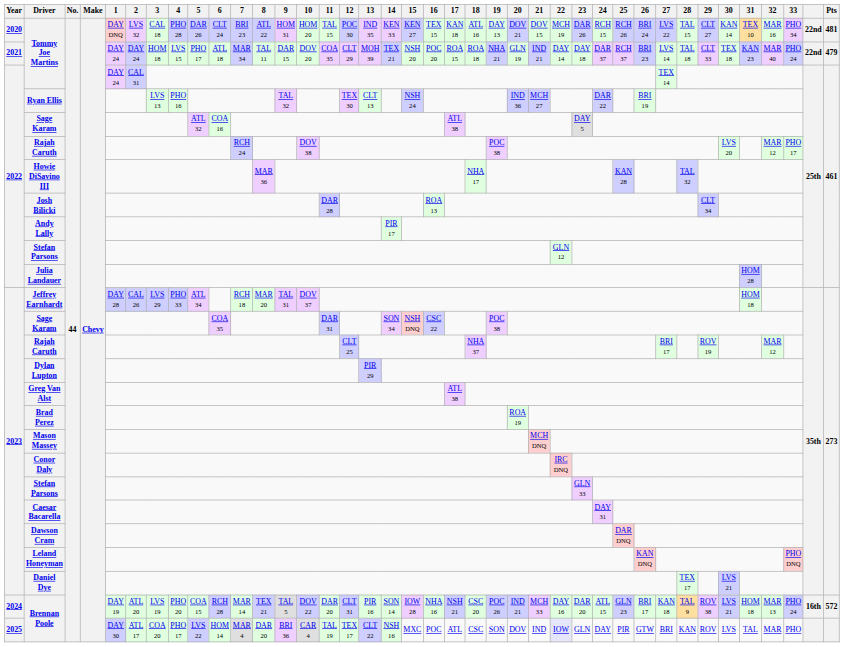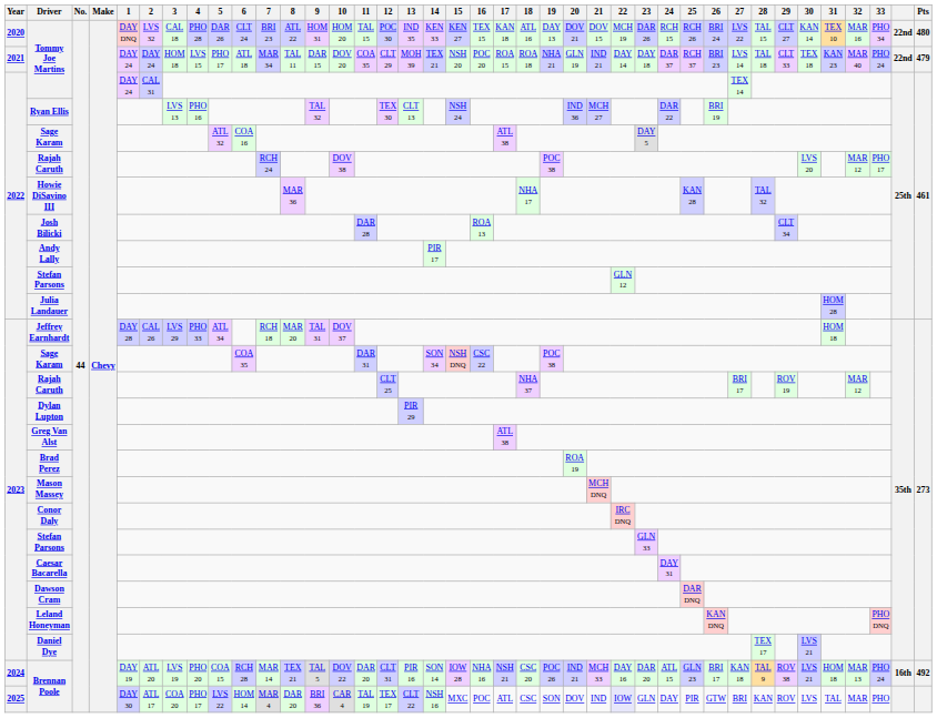 <table class="wikitable" style="text-align:center; font-size:75%">
 <tr>
 <th>Year</th>
 <th>Driver</th>
 <th>No.</th>
 <th>Make</th>
 <th>1</th>
 <th>2</th>
 <th>3</th>
 <th>4</th>
 <th>5</th>
 <th>6</th>
 <th>7</th>
 <th>8</th>
 <th>9</th>
 <th>10</th>
 <th>11</th>
 <th>12</th>
 <th>13</th>
 <th>14</th>
 <th>15</th>
 <th>16</th>
 <th>17</th>
 <th>18</th>
 <th>19</th>
 <th>20</th>
 <th>21</th>
 <th>22</th>
 <th>23</th>
 <th>24</th>
 <th>25</th>
 <th>26</th>
 <th>27</th>
 <th>28</th>
 <th>29</th>
 <th>30</th>
 <th>31</th>
 <th>32</th>
 <th>33</th>
 <th></th>
 <th>Pts</th>
 </tr>
 <tr>
 <th><a href='#'>2020</a></th>
 <th Rowspan=3><a href='#'>Tommy Joe Martins</a></th>
 <th rowspan="26">44</th>
 <th rowspan="26"><a href='#'>Chevy</a></th>
 <td style="background:#FFCFCF;"><a href='#'>DAY</a><br><small>DNQ</small></td>
 <td style="background:#EFCFFF;"><a href='#'>LVS</a><br><small>32</small></td>
 <td style="background:#DFFFDF;"><a href='#'>CAL</a><br><small>18</small></td>
 <td style="background:#CFCFFF;"><a href='#'>PHO</a><br><small>28</small></td>
 <td style="background:#CFCFFF;"><a href='#'>DAR</a><br><small>26</small></td>
 <td style="background:#CFCFFF;"><a href='#'>CLT</a><br><small>24</small></td>
 <td style="background:#CFCFFF;"><a href='#'>BRI</a><br><small>23</small></td>
 <td style="background:#CFCFFF;"><a href='#'>ATL</a><br><small>22</small></td>
 <td style="background:#EFCFFF;"><a href='#'>HOM</a><br><small>31</small></td>
 <td style="background:#DFFFDF;"><a href='#'>HOM</a><br><small>20</small></td>
 <td style="background:#DFFFDF;"><a href='#'>TAL</a><br><small>15</small></td>
 <td style="background:#CFCFFF;"><a href='#'>POC</a><br><small>30</small></td>
 <td style="background:#EFCFFF;"><a href='#'>IND</a><br><small>35</small></td>
 <td style="background:#EFCFFF;"><a href='#'>KEN</a><br><small>33</small></td>
 <td style="background:#CFCFFF;"><a href='#'>KEN</a><br><small>27</small></td>
 <td style="background:#DFFFDF;"><a href='#'>TEX</a><br><small>15</small></td>
 <td style="background:#DFFFDF;"><a href='#'>KAN</a><br><small>18</small></td>
 <td style="background:#DFFFDF;"><a href='#'>ATL</a><br><small>16</small></td>
 <td style="background:#DFFFDF;"><a href='#'>DAY</a><br><small>13</small></td>
 <td style="background:#CFCFFF;"><a href='#'>DOV</a><br><small>21</small></td>
 <td style="background:#DFFFDF;"><a href='#'>DOV</a><br><small>15</small></td>
 <td style="background:#DFFFDF;"><a href='#'>MCH</a><br><small>19</small></td>
 <td style="background:#CFCFFF;"><a href='#'>DAR</a><br><small>26</small></td>
 <td style="background:#DFFFDF;"><a href='#'>RCH</a><br><small>15</small></td>
 <td style="background:#CFCFFF;"><a href='#'>RCH</a><br><small>26</small></td>
 <td style="background:#CFCFFF;"><a href='#'>BRI</a><br><small>24</small></td>
 <td style="background:#CFCFFF;"><a href='#'>LVS</a><br><small>22</small></td>
 <td style="background:#DFFFDF;"><a href='#'>TAL</a><br><small>15</small></td>
 <td style="background:#CFCFFF;"><a href='#'>CLT</a><br><small>27</small></td>
 <td style="background:#DFFFDF;"><a href='#'>KAN</a><br><small>14</small></td>
 <td style="background:#FFDF9F;"><a href='#'>TEX</a><br><small>10</small></td>
 <td style="background:#DFFFDF;"><a href='#'>MAR</a><br><small>16</small></td>
 <td style="background:#EFCFFF;"><a href='#'>PHO</a><br><small>34</small></td>
 <th>22nd</th>
-<th>481</th>
+<th>480</th>
 </tr>
 <tr>
 <th><a href='#'>2021</a></th>
 <td style="background:#EFCFFF;"><a href='#'>DAY</a><br><small>24</small></td>
 <td style="background:#CFCFFF;"><a href='#'>DAY</a><br><small>24</small></td>
 <td style="background:#DFFFDF;"><a href='#'>HOM</a><br><small>18</small></td>
 <td style="background:#DFFFDF;"><a href='#'>LVS</a><br><small>15</small></td>
 <td style="background:#DFFFDF;"><a href='#'>PHO</a><br><small>17</small></td>
 <td style="background:#DFFFDF;"><a href='#'>ATL</a><br><small>18</small></td>
 <td style="background:#CFCFFF;"><a href='#'>MAR</a><br><small>34</small></td>
 <td style="background:#DFFFDF;"><a href='#'>TAL</a><br><small>11</small></td>
 <td style="background:#DFFFDF;"><a href='#'>DAR</a><br><small>15</small></td>
 <td style="background:#DFFFDF;"><a href='#'>DOV</a><br><small>20</small></td>
 <td style="background:#EFCFFF;"><a href='#'>COA</a><br><small>35</small></td>
 <td style="background:#EFCFFF;"><a href='#'>CLT</a><br><small>29</small></td>
 <td style="background:#EFCFFF;"><a href='#'>MOH</a><br><small>39</small></td>
 <td style="background:#CFCFFF;"><a href='#'>TEX</a><br><small>21</small></td>
 <td style="background:#DFFFDF;"><a href='#'>NSH</a><br><small>20</small></td>
 <td style="background:#DFFFDF;"><a href='#'>POC</a><br><small>20</small></td>
 <td style="background:#DFFFDF;"><a href='#'>ROA</a><br><small>15</small></td>
 <td style="background:#DFFFDF;"><a href='#'>ROA</a><br><small>18</small></td>
 <td style="background:#CFCFFF;"><a href='#'>NHA</a><br><small>21</small></td>
 <td style="background:#DFFFDF;"><a href='#'>GLN</a><br><small>19</small></td>
 <td style="background:#CFCFFF;"><a href='#'>IND</a><br><small>21</small></td>
 <td style="background:#DFFFDF;"><a href='#'>DAY</a><br><small>14</small></td>
 <td style="background:#DFFFDF;"><a href='#'>DAY</a><br><small>18</small></td>
 <td style="background:#EFCFFF;"><a href='#'>DAR</a><br><small>37</small></td>
 <td style="background:#EFCFFF;"><a href='#'>RCH</a><br><small>37</small></td>
 <td style="background:#CFCFFF;"><a href='#'>BRI</a><br><small>23</small></td>
 <td style="background:#DFFFDF;"><a href='#'>LVS</a><br><small>14</small></td>
 <td style="background:#DFFFDF;"><a href='#'>TAL</a><br><small>18</small></td>
 <td style="background:#EFCFFF;"><a href='#'>CLT</a><br><small>33</small></td>
 <td style="background:#DFFFDF;"><a href='#'>TEX</a><br><small>18</small></td>
 <td style="background:#CFCFFF;"><a href='#'>KAN</a><br><small>23</small></td>
 <td style="background:#EFCFFF;'"><a href='#'>MAR</a><br><small>40</small></td>
 <td style="background:#CFCFFF;"><a href='#'>PHO</a><br><small>24</small></td>
 <th>22nd</th>
 <th>479</th>
 </tr>
 <tr>
 <th rowspan="9"><a href='#'>2022</a></th>
 <td style="background:#EFCFFF;"><a href='#'>DAY</a><br><small>24</small></td>
 <td style="background:#CFCFFF;"><a href='#'>CAL</a><br><small>31</small></td>
 <td colspan="24"></td>
 <td style="background:#DFFFDF;"><a href='#'>TEX</a><br><small>14</small></td>
 <td colspan="6"></td>
 <th rowspan="9">25th</th>
 <th rowspan="9">461</th>
 </tr>
 <tr>
 <th><a href='#'>Ryan Ellis</a></th>
 <td colspan=2></td>
 <td style="background:#DFFFDF;"><a href='#'>LVS</a><br><small>13</small></td>
 <td style="background:#DFFFDF;"><a href='#'>PHO</a><br><small>16</small></td>
 <td colspan=4></td>
 <td style="background:#EFCFFF;"><a href='#'>TAL</a><br><small>32</small></td>
 <td colspan=2></td>
 <td style="background:#EFCFFF;"><a href='#'>TEX</a><br><small>30</small></td>
 <td style="background:#DFFFDF;"><a href='#'>CLT</a><br><small>13</small></td>
 <td colspan=1></td>
 <td style="background:#CFCFFF;"><a href='#'>NSH</a><br><small>24</small></td>
 <td colspan=4></td>
 <td style="background:#CFCFFF;"><a href='#'>IND</a><br><small>36</small></td>
 <td style="background:#CFCFFF;"><a href='#'>MCH</a><br><small>27</small></td>
 <td colspan=2></td>
 <td style="background:#CFCFFF;"><a href='#'>DAR</a><br><small>22</small></td>
 <td></td>
 <td style="background:#DFFFDF;"><a href='#'>BRI</a><br><small>19</small></td>
 </tr>
 <tr>
 <th><a href='#'>Sage Karam</a></th>
 <td colspan=4></td>
 <td style="background:#EFCFFF;"><a href='#'>ATL</a><br><small>32</small></td>
 <td style="background:#DFFFDF;"><a href='#'>COA</a><br><small>16</small></td>
 <td colspan=10></td>
 <td style="background:#EFCFFF;"><a href='#'>ATL</a><br><small>38</small></td>
 <td colspan="5"></td>
 <td style="background:#DFDFDF;"><a href='#'>DAY</a><br><small>5</small></td>
 <td colspan="10"></td>
 </tr>
 <tr>
 <th><a href='#'>Rajah Caruth</a></th>
 <td colspan=6></td>
 <td style="background:#CFCFFF;"><a href='#'>RCH</a><br><small>24</small></td>
 <td colspan=2></td>
 <td style="background:#EFCFFF;"><a href='#'>DOV</a><br><small>38</small></td>
 <td colspan=8></td>
 <td style="background:#EFCFFF;"><a href='#'>POC</a><br><small>38</small></td>
 <td colspan=10></td>
 <td style="background:#DFFFDF;"><a href='#'>LVS</a><br><small>20</small></td>
 <td></td>
 <td style="background:#DFFFDF;"><a href='#'>MAR</a> <br><small>12</small></td>
 <td style="background:#DFFFDF;"><a href='#'>PHO</a><br><small>17</small></td>
 </tr>
 <tr>
 <th><a href='#'>Howie DiSavino III</a></th>
 <td colspan=7></td>
 <td style="background:#EFCFFF;"><a href='#'>MAR</a><br><small>36</small></td>
 <td colspan=9></td>
 <td style="background:#DFFFDF;"><a href='#'>NHA</a><br><small>17</small></td>
 <td colspan="6"></td>
 <td style="background:#CFCFFF;"><a href='#'>KAN</a> <br><small>28</small></td>
 <td colspan="2"></td>
 <td style="background:#CFCFFF;"><a href='#'>TAL</a><br><small>32</small></td>
 <td colspan="5"></td>
 </tr>
 <tr>
 <th><a href='#'>Josh Bilicki</a></th>
 <td colspan=10></td>
 <td style="background:#CFCFFF;"><a href='#'>DAR</a><br><small>28</small></td>
 <td colspan=4></td>
 <td style="background:#DFFFDF;"><a href='#'>ROA</a><br><small>13</small></td>
 <td colspan="12"></td>
 <td style="background:#CFCFFF;"><a href='#'>CLT</a> <br><small>34</small></td>
 <td colspan="4"></td>
 </tr>
 <tr>
 <th><a href='#'>Andy Lally</a></th>
 <td colspan=13></td>
 <td style="background:#DFFFDF;"><a href='#'>PIR</a> <br><small>17</small></td>
 <td colspan=19></td>
 </tr>
 <tr>
 <th><a href='#'>Stefan Parsons</a></th>
 <td colspan="21"></td>
 <td style="background:#DFFFDF;"><a href='#'>GLN</a> <br><small>12</small></td>
 <td colspan="11"></td>
 </tr>
 <tr>
 <th><a href='#'>Julia Landauer</a></th>
 <td colspan="30"></td>
 <td style="background:#CFCFFF;"><a href='#'>HOM</a><br><small>28</small></td>
 <td colspan="2"></td>
 </tr>
 <tr>
 <th rowspan="13"><a href='#'>2023</a></th>
 <th><a href='#'>Jeffrey Earnhardt</a></th>
 <td style="background:#CFCFFF;"><a href='#'>DAY</a><br><small>28</small></td>
 <td style="background:#CFCFFF;"><a href='#'>CAL</a><br><small>26</small></td>
 <td style="background:#CFCFFF;"><a href='#'>LVS</a><br><small>29</small></td>
 <td style="background:#CFCFFF;"><a href='#'>PHO</a><br><small>33</small></td>
 <td style="background:#EFCFFF;"><a href='#'>ATL</a><br><small>34</small></td>
 <td></td>
 <td style="background:#DFFFDF;"><a href='#'>RCH</a><br><small>18</small></td>
 <td style="background:#DFFFDF;"><a href='#'>MAR</a><br><small>20</small></td>
 <td style="background:#EFCFFF;"><a href='#'>TAL</a><br><small>31</small></td>
 <td style="background:#EFCFFF;"><a href='#'>DOV</a><br><small>37</small></td>
 <td colspan="20"></td>
 <td style="background:#DFFFDF;"><a href='#'>HOM</a><br><small>18</small></td>
 <td colspan="2"></td>
 <th rowspan="13">35th</th>
 <th rowspan="13">273</th>
 </tr>
 <tr>
 <th><a href='#'>Sage Karam</a></th>
 <td colspan=5></td>
 <td style="background:#EFCFFF;"><a href='#'>COA</a><br><small>35</small></td>
 <td colspan=4></td>
 <td style="background:#CFCFFF;"><a href='#'>DAR</a><br><small>31</small></td>
 <td colspan=2></td>
 <td style="background:#EFCFFF;"><a href='#'>SON</a><br><small>34</small></td>
 <td style="background:#FFCFCF;"><a href='#'>NSH</a><br><small>DNQ</small></td>
 <td style="background:#CFCFFF;"><a href='#'>CSC</a><br><small>22</small></td>
 <td colspan=2></td>
 <td style="background:#EFCFFF;"><a href='#'>POC</a><br><small>38</small></td>
 <td colspan="14"></td>
 </tr>
 <tr>
 <th><a href='#'>Rajah Caruth</a></th>
 <td colspan=11></td>
 <td style="background:#CFCFFF;"><a href='#'>CLT</a><br><small>25</small></td>
 <td colspan=5></td>
 <td style="background:#EFCFFF;"><a href='#'>NHA</a><br><small>37</small></td>
 <td colspan=8></td>
 <td style="background:#DFFFDF;"><a href='#'>BRI</a><br><small>17</small></td>
 <td></td>
 <td style="background:#DFFFDF;"><a href='#'>ROV</a><br><small>19</small></td>
 <td colspan=2></td>
 <td style="background:#DFFFDF;"><a href='#'>MAR</a><br><small>12</small></td>
 <td></td>
 </tr>
 <tr>
 <th><a href='#'>Dylan Lupton</a></th>
 <td colspan=12></td>
 <td style="background:#CFCFFF;"><a href='#'>PIR</a><br><small>29</small></td>
 <td colspan=20></td>
 </tr>
 <tr>
 <th><a href='#'>Greg Van Alst</a></th>
 <td colspan=16></td>
 <td style="background:#EFCFFF;"><a href='#'>ATL</a><br><small>38</small></td>
 <td colspan=16></td>
 </tr>
 <tr>
 <th><a href='#'>Brad Perez</a></th>
 <td colspan=19></td>
 <td style="background:#DFFFDF;"><a href='#'>ROA</a><br><small>19</small></td>
 <td colspan=13></td>
 </tr>
 <tr>
 <th><a href='#'>Mason Massey</a></th>
 <td colspan=20></td>
 <td style="background:#FFCFCF;"><a href='#'>MCH</a><br><small>DNQ</small></td>
 <td colspan=12></td>
 </tr>
 <tr>
 <th><a href='#'>Conor Daly</a></th>
 <td colspan="21"></td>
 <td style="background:#FFCFCF;"><a href='#'>IRC</a><br><small>DNQ</small></td>
 <td colspan="11"></td>
 </tr>
 <tr>
 <th><a href='#'>Stefan Parsons</a></th>
 <td colspan="22"></td>
 <td style="background:#EFCFFF;"><a href='#'>GLN</a><br><small>33</small></td>
 <td colspan="10"></td>
 </tr>
 <tr>
 <th><a href='#'>Caesar Bacarella</a></th>
 <td colspan="23"></td>
 <td style="background:#EFCFFF;"><a href='#'>DAY</a><br><small>31</small></td>
 <td colspan="9"></td>
 </tr>
 <tr>
 <th><a href='#'>Dawson Cram</a></th>
 <td colspan="24"></td>
 <td style="background:#FFCFCF;"><a href='#'>DAR</a><br><small>DNQ</small></td>
 <td colspan="8"></td>
 </tr>
 <tr>
 <th><a href='#'>Leland Honeyman</a></th>
 <td colspan="25"></td>
 <td style="background:#FFCFCF;"><a href='#'>KAN</a><br><small>DNQ</small></td>
 <td colspan="6"></td>
 <td style="background:#FFCFCF;"><a href='#'>PHO</a><br><small>DNQ</small></td>
 </tr>
 <tr>
 <th><a href='#'>Daniel Dye</a></th>
 <td colspan="27"></td>
 <td style="background:#DFFFDF;"><a href='#'>TEX</a><br><small>17</small></td>
 <td></td>
 <td style="background:#CFCFFF;"><a href='#'>LVS</a><br><small>21</small></td>
 <td colspan="3"></td>
 </tr>
 <tr>
 <th><a href='#'>2024</a></th>
 <th rowspan=2><a href='#'>Brennan Poole</a></th>
 <td style="background:#DFFFDF;"><a href='#'>DAY</a><br><small>19</small></td>
 <td style="background:#DFFFDF;"><a href='#'>ATL</a><br><small>20</small></td>
 <td style="background:#DFFFDF;"><a href='#'>LVS</a><br><small>19</small></td>
 <td style="background:#DFFFDF;"><a href='#'>PHO</a><br><small>20</small></td>
 <td style="background:#DFFFDF;"><a href='#'>COA</a><br><small>15</small></td>
 <td style="background:#CFCFFF;"><a href='#'>RCH</a><br><small>28</small></td>
 <td style="background:#DFFFDF;"><a href='#'>MAR</a><br><small>14</small></td>
 <td style="background:#CFCFFF;"><a href='#'>TEX</a><br><small>21</small></td>
 <td style="background:#DFDFDF;"><a href='#'>TAL</a><br><small>5</small></td>
 <td style="background:#CFCFFF;"><a href='#'>DOV</a><br><small>22</small></td>
 <td style="background:#DFFFDF;"><a href='#'>DAR</a><br><small>20</small></td>
 <td style="background:#CFCFFF;"><a href='#'>CLT</a><br><small>31</small></td>
 <td style="background:#DFFFDF;"><a href='#'>PIR</a><br><small>16</small></td>
 <td style="background:#DFFFDF;"><a href='#'>SON</a><br><small>14</small></td>
 <td style="background:#EFCFFF;"><a href='#'>IOW</a><br><small>28</small></td>
 <td style="background:#DFFFDF;"><a href='#'>NHA</a><br><small>16</small></td>
 <td style="background:#CFCFFF;"><a href='#'>NSH</a><br><small>21</small></td>
 <td style="background:#DFFFDF;"><a href='#'>CSC</a><br><small>20</small></td>
 <td style="background:#CFCFFF;"><a href='#'>POC</a><br><small>26</small></td>
 <td style="background:#CFCFFF;"><a href='#'>IND</a><br><small>21</small></td>
 <td style="background:#EFCFFF;"><a href='#'>MCH</a><br><small>33</small></td>
 <td style="background:#DFFFDF;"><a href='#'>DAY</a><br><small>16</small></td>
 <td style="background:#DFFFDF;"><a href='#'>DAR</a><br><small>20</small></td>
 <td style="background:#DFFFDF;"><a href='#'>ATL</a><br><small>15</small></td>
 <td style="background:#CFCFFF;"><a href='#'>GLN</a><br><small>23</small></td>
 <td style="background:#DFFFDF;"><a href='#'>BRI</a><br><small>17</small></td>
 <td style="background:#DFFFDF;"><a href='#'>KAN</a><br><small>18</small></td>
 <td style="background:#FFDF9F;"><a href='#'>TAL</a><br><small>9</small></td>
 <td style="background:#EFCFFF;"><a href='#'>ROV</a><br><small>38</small></td>
 <td style="background:#CFCFFF;"><a href='#'>LVS</a><br><small>21</small></td>
 <td style="background:#DFFFDF;"><a href='#'>HOM</a><br><small>18</small></td>
 <td style="background:#DFFFDF;"><a href='#'>MAR</a><br><small>13</small></td>
 <td style="background:#CFCFFF;"><a href='#'>PHO</a><br><small>24</small></td>
 <th>16th</th>
-<th>572</th>
+<th>492</th>
 </tr>
 <tr>
 <th><a href='#'>2025</a></th>
 <td style="background:#CFCFFF;"><a href='#'>DAY</a><br><small>30</small></td>
 <td style="background:#DFFFDF;"><a href='#'>ATL</a><br><small>17</small></td>
 <td style="background:#DFFFDF;"><a href='#'>COA</a><br><small>20</small></td>
 <td style="background:#DFFFDF;"><a href='#'>PHO</a><br><small>17</small></td>
 <td style="background:#CFCFFF;"><a href='#'>LVS</a><br><small>22</small></td>
 <td style="background:#DFFFDF;"><a href='#'>HOM</a><br><small>14</small></td>
 <td style="background:#DFDFDF;"><a href='#'>MAR</a><br><small>4</small></td>
 <td style="background:#DFFFDF;"><a href='#'>DAR</a><br><small>20</small></td>
 <td style="background:#EFCFFF;"><a href='#'>BRI</a><br><small>36</small></td>
 <td style="background:#DFDFDF;"><a href='#'>CAR</a><br><small>4</small></td>
 <td style="background:#DFFFDF;"><a href='#'>TAL</a><br><small>19</small></td>
 <td style="background:#DFFFDF;"><a href='#'>TEX</a><br><small>17</small></td>
 <td style="background:#CFCFFF;"><a href='#'>CLT</a><br><small>22</small></td>
 <td style="background:#DFFFDF;"><a href='#'>NSH</a><br><small>16</small></td>
 <td><a href='#'>MXC</a></td>
 <td><a href='#'>POC</a></td>
 <td><a href='#'>ATL</a></td>
 <td><a href='#'>CSC</a></td>
 <td><a href='#'>SON</a></td>
 <td><a href='#'>DOV</a></td>
 <td><a href='#'>IND</a></td>
 <td style="background: lavender;"><a href='#'>IOW</a></td>
 <td><a href='#'>GLN</a></td>
 <td><a href='#'>DAY</a></td>
 <td><a href='#'>PIR</a></td>
 <td><a href='#'>GTW</a></td>
 <td><a href='#'>BRI</a></td>
 <td><a href='#'>KAN</a></td>
 <td><a href='#'>ROV</a></td>
 <td><a href='#'>LVS</a></td>
 <td><a href='#'>TAL</a></td>
 <td><a href='#'>MAR</a></td>
 <td><a href='#'>PHO</a></td>
 <th></th>
 <th></th>
 </tr>
 </table>
